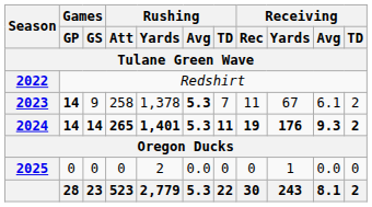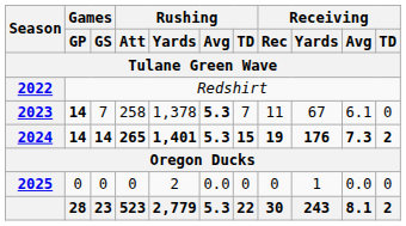 <table class="wikitable" style="text-align:center;">
 <tr>
 <th rowspan="2">Season</th>
 <th colspan="2">Games</th>
 <th colspan="4">Rushing</th>
 <th colspan="4">Receiving</th>
 </tr>
 <tr>
 <th>GP</th>
 <th>GS</th>
 <th>Att</th>
 <th>Yards</th>
 <th>Avg</th>
 <th>TD</th>
 <th>Rec</th>
 <th>Yards</th>
 <th>Avg</th>
 <th>TD</th>
 </tr>
 <tr>
 <th colspan="16">Tulane Green Wave</th>
 </tr>
 <tr>
 <th><a href='#'>2022</a></th>
 <td colspan="16"><em>Redshirt </em></td>
 </tr>
 <tr>
 <th><a href='#'>2023</a></th>
 <td><strong>14</strong></td>
-<td>9</td>
+<td>7</td>
 <td>258</td>
 <td>1,378</td>
 <td><strong>5.3</strong></td>
 <td>7</td>
 <td>11</td>
 <td>67</td>
 <td>6.1</td>
-<td>2</td>
+<td>0</td>
 </tr>
 <tr>
 <th><a href='#'>2024</a></th>
 <td><strong>14</strong></td>
 <td><strong>14</strong></td>
 <td><strong>265</strong></td>
 <td><strong>1,401</strong></td>
 <td><strong>5.3</strong></td>
-<td><strong>11</strong></td>
+<td><strong>15</strong></td>
 <td><strong>19</strong></td>
 <td><strong>176</strong></td>
-<td><strong>9.3</strong></td>
+<td><strong>7.3</strong></td>
 <td><strong>2</strong></td>
 </tr>
 <tr>
 <th colspan="16">Oregon Ducks</th>
 </tr>
 <tr>
 <th><a href='#'>2025</a></th>
 <td>0</td>
 <td>0</td>
 <td>0</td>
 <td>2</td>
 <td>0.0</td>
 <td>0</td>
 <td>0</td>
 <td>1</td>
 <td>0.0</td>
 <td>0</td>
 </tr>
 <tr>
 <th></th>
 <th>28</th>
 <th>23</th>
 <th>523</th>
 <th>2,779</th>
 <th>5.3</th>
 <th>22</th>
 <th>30</th>
 <th>243</th>
 <th>8.1</th>
 <th>2</th>
 </tr>
 </table>
